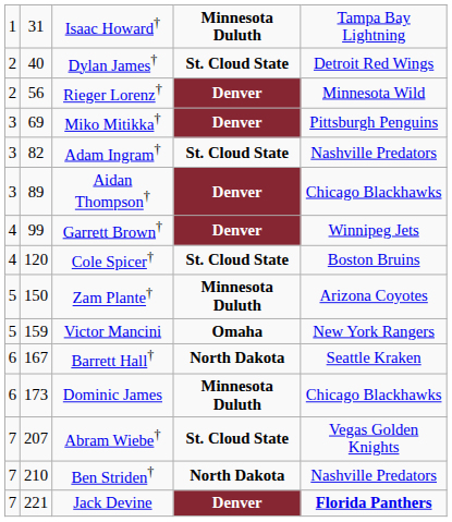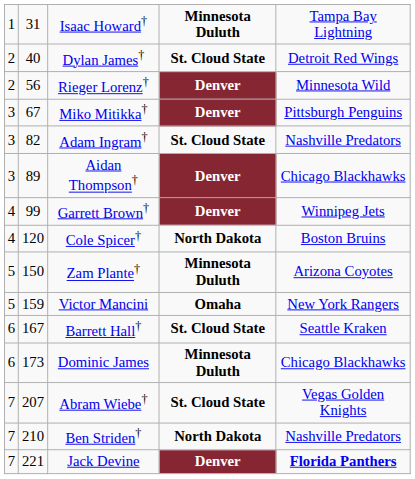 <table class="wikitable sortable" width="50%">
 <tr align="center" bgcolor="">
 <td>1</td>
 <td>31</td>
 <td><a href='#'>Isaac Howard</a><sup>†</sup></td>
 <td><strong>Minnesota Duluth</strong></td>
 <td><a href='#'>Tampa Bay Lightning</a></td>
 </tr>
 <tr align="center" bgcolor="">
 <td>2</td>
 <td>40</td>
 <td><a href='#'>Dylan James</a><sup>†</sup></td>
 <td><strong>St. Cloud State</strong></td>
 <td><a href='#'>Detroit Red Wings</a></td>
 </tr>
 <tr align="center" bgcolor="">
 <td>2</td>
 <td>56</td>
 <td><a href='#'>Rieger Lorenz</a><sup>†</sup></td>
 <td style="color:white; background:#862633; "><strong>Denver</strong></td>
 <td><a href='#'>Minnesota Wild</a></td>
 </tr>
 <tr align="center" bgcolor="">
 <td>3</td>
-<td>69</td>
+<td>67</td>
 <td><a href='#'>Miko Mitikka</a><sup>†</sup></td>
 <td style="color:white; background:#862633; "><strong>Denver</strong></td>
 <td><a href='#'>Pittsburgh Penguins</a></td>
 </tr>
 <tr align="center" bgcolor="">
 <td>3</td>
 <td>82</td>
 <td><a href='#'>Adam Ingram</a><sup>†</sup></td>
 <td><strong>St. Cloud State</strong></td>
 <td><a href='#'>Nashville Predators</a></td>
 </tr>
 <tr align="center" bgcolor="">
 <td>3</td>
 <td>89</td>
 <td><a href='#'>Aidan Thompson</a><sup>†</sup></td>
 <td style="color:white; background:#862633; "><strong>Denver</strong></td>
 <td><a href='#'>Chicago Blackhawks</a></td>
 </tr>
 <tr align="center" bgcolor="">
 <td>4</td>
 <td>99</td>
 <td><a href='#'>Garrett Brown</a><sup>†</sup></td>
 <td style="color:white; background:#862633; "><strong>Denver</strong></td>
 <td><a href='#'>Winnipeg Jets</a></td>
 </tr>
 <tr align="center" bgcolor="">
 <td>4</td>
 <td>120</td>
 <td><a href='#'>Cole Spicer</a><sup>†</sup></td>
-<td><strong>St. Cloud State</strong></td>
+<td><strong>North Dakota</strong></td>
 <td><a href='#'>Boston Bruins</a></td>
 </tr>
 <tr align="center" bgcolor="">
 <td>5</td>
 <td>150</td>
 <td><a href='#'>Zam Plante</a><sup>†</sup></td>
 <td><strong>Minnesota Duluth</strong></td>
 <td><a href='#'>Arizona Coyotes</a></td>
 </tr>
 <tr align="center" bgcolor="">
 <td>5</td>
 <td>159</td>
 <td><a href='#'>Victor Mancini</a></td>
 <td><strong>Omaha</strong></td>
 <td><a href='#'>New York Rangers</a></td>
 </tr>
 <tr align="center" bgcolor="">
 <td>6</td>
 <td>167</td>
 <td><a href='#'>Barrett Hall</a><sup>†</sup></td>
-<td><strong>North Dakota</strong></td>
+<td><strong>St. Cloud State</strong></td>
 <td><a href='#'>Seattle Kraken</a></td>
 </tr>
 <tr align="center" bgcolor="">
 <td>6</td>
 <td>173</td>
 <td><a href='#'>Dominic James</a></td>
 <td><strong>Minnesota Duluth</strong></td>
 <td><a href='#'>Chicago Blackhawks</a></td>
 </tr>
 <tr align="center" bgcolor="">
 <td>7</td>
 <td>207</td>
 <td><a href='#'>Abram Wiebe</a><sup>†</sup></td>
 <td><strong>St. Cloud State</strong></td>
 <td><a href='#'>Vegas Golden Knights</a></td>
 </tr>
 <tr align="center" bgcolor="">
 <td>7</td>
 <td>210</td>
 <td><a href='#'>Ben Striden</a><sup>†</sup></td>
 <td><strong>North Dakota</strong></td>
 <td><a href='#'>Nashville Predators</a></td>
 </tr>
 <tr align="center" bgcolor="">
 <td>7</td>
 <td>221</td>
 <td><a href='#'>Jack Devine</a></td>
 <td style="color:white; background:#862633; "><strong>Denver</strong></td>
 <td><strong><a href='#'>Florida Panthers</a></strong></td>
 </tr>
 </table>
